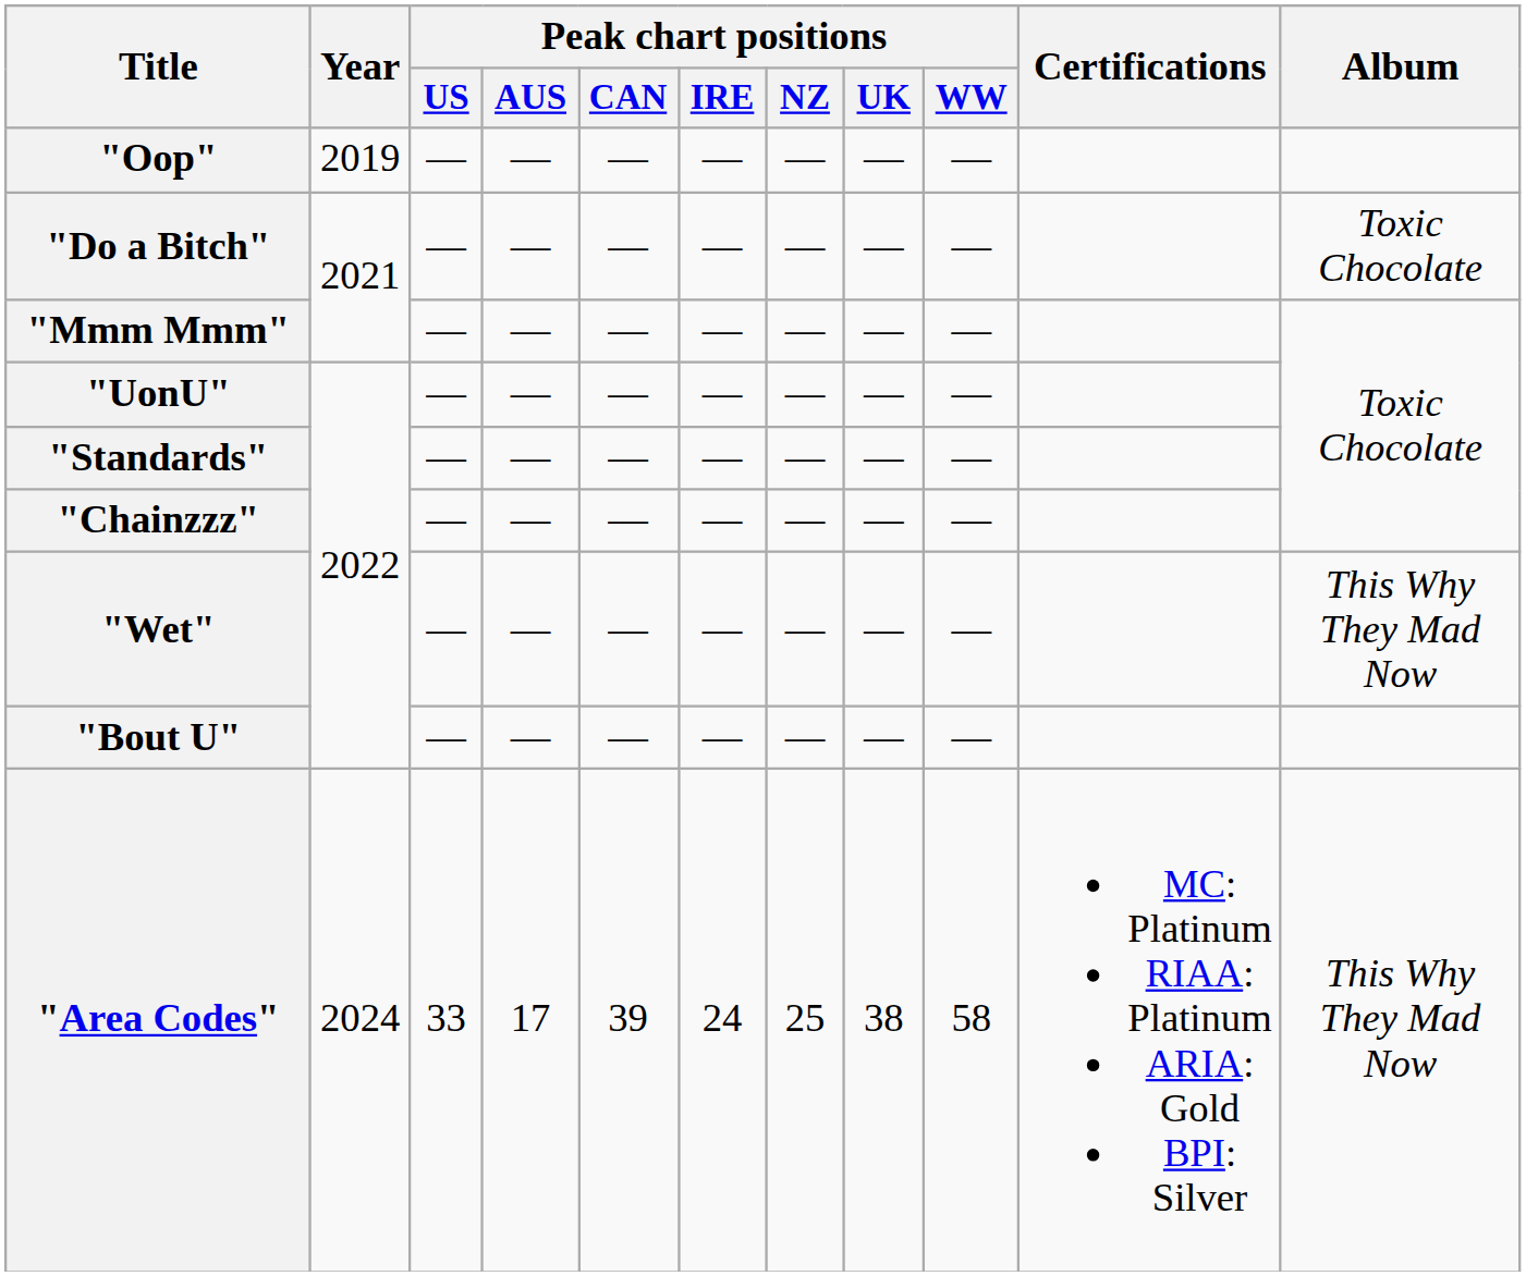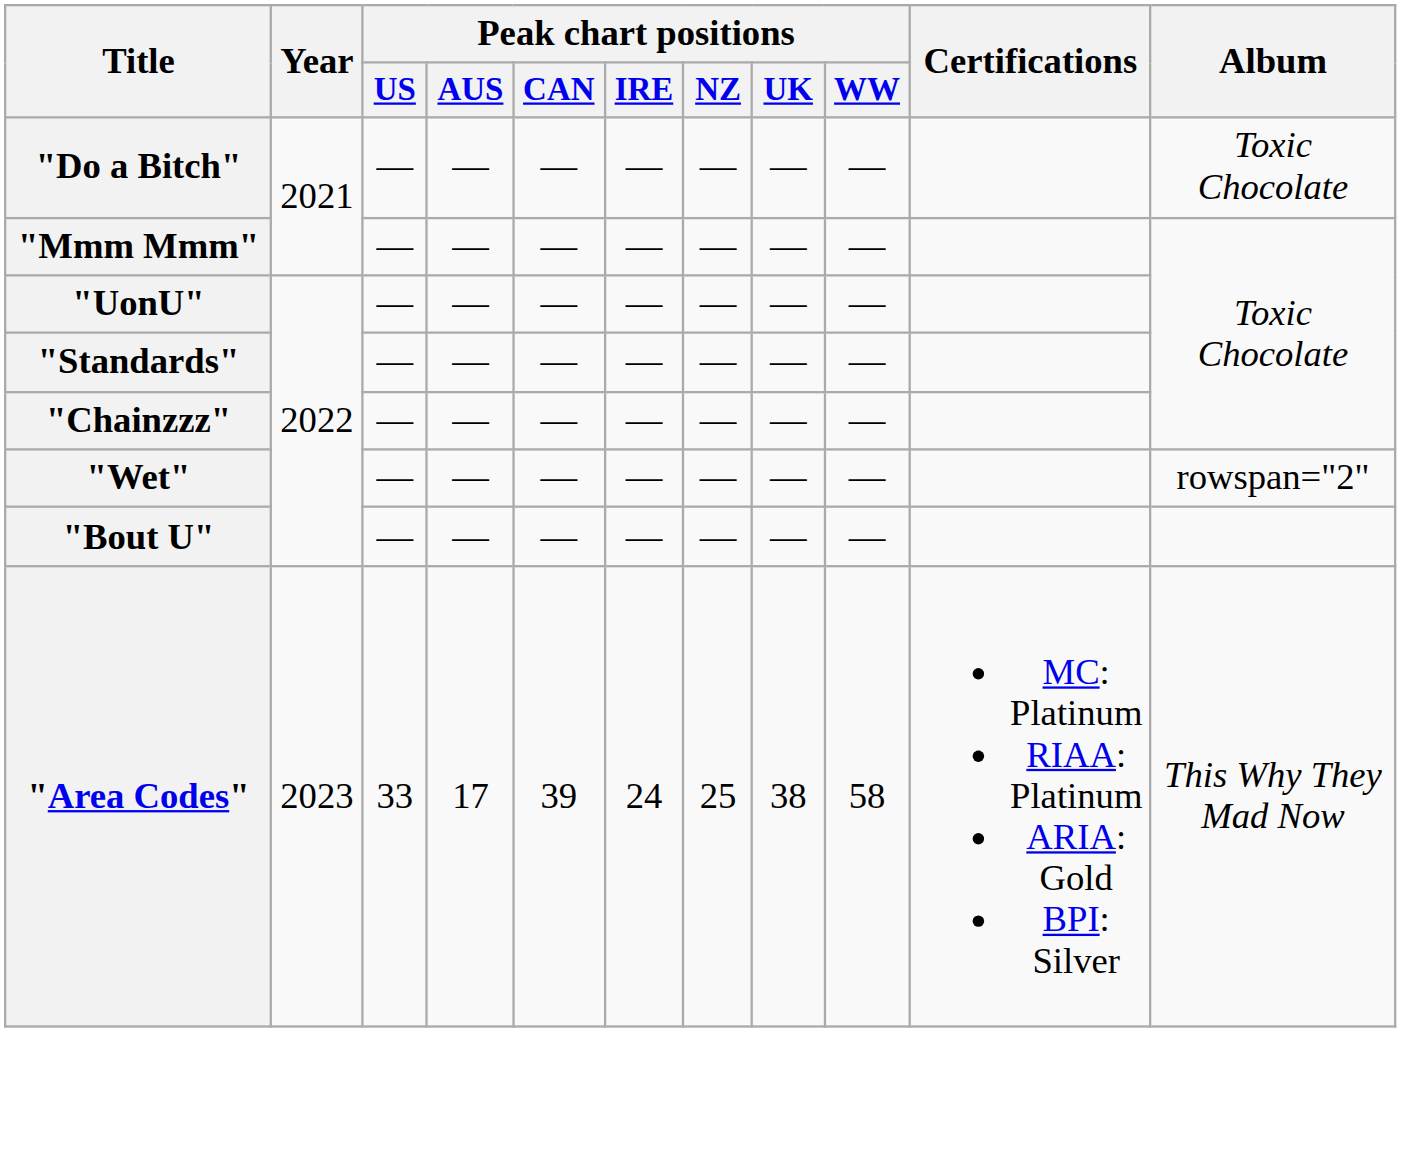 <table class="wikitable plainrowheaders" style="text-align:center;">
 <tr>
 <th rowspan="2" style="width:15em;">Title</th>
 <th rowspan="2">Year</th>
 <th colspan="7">Peak chart positions</th>
 <th rowspan="2">Certifications</th>
 <th rowspan="2" style="width:12em;">Album</th>
 </tr>
 <tr>
 <th scope="col" style="width:3em; font-size:90%"><a href='#'>US</a><br></th>
 <th scope="col" style="width:3em; font-size:90%"><a href='#'>AUS</a><br></th>
 <th scope="col" style="width:3em; font-size:90%"><a href='#'>CAN</a><br></th>
 <th scope="col" style="width:3em; font-size:90%"><a href='#'>IRE</a><br></th>
 <th scope="col" style="width:3em; font-size:90%"><a href='#'>NZ</a><br></th>
 <th scope="col" style="width:3em; font-size:90%"><a href='#'>UK</a><br></th>
 <th scope="col" style="width:3em; font-size:90%"><a href='#'>WW</a><br></th>
-</tr>
-<tr>
-<th scope="row">"Oop"</th>
-<td>2019</td>
-<td>—</td>
-<td>—</td>
-<td>—</td>
-<td>—</td>
-<td>—</td>
-<td>—</td>
-<td>—</td>
-<td></td>
-<td></td>
 </tr>
 <tr>
 <th scope="row">"Do a Bitch"</th>
 <td rowspan="2">2021</td>
 <td>—</td>
 <td>—</td>
 <td>—</td>
 <td>—</td>
 <td>—</td>
 <td>—</td>
 <td>—</td>
 <td></td>
 <td><em>Toxic Chocolate</em></td>
 </tr>
 <tr>
 <th scope="row">"Mmm Mmm"<br></th>
 <td>—</td>
 <td>—</td>
 <td>—</td>
 <td>—</td>
 <td>—</td>
 <td>—</td>
 <td>—</td>
 <td></td>
 <td rowspan="4"><em>Toxic Chocolate</em></td>
 </tr>
 <tr>
 <th scope="row">"UonU"<br></th>
 <td rowspan="5">2022</td>
 <td>—</td>
 <td>—</td>
 <td>—</td>
 <td>—</td>
 <td>—</td>
 <td>—</td>
 <td>—</td>
 <td></td>
 </tr>
 <tr>
 <th scope="row">"Standards"</th>
 <td>—</td>
 <td>—</td>
 <td>—</td>
 <td>—</td>
 <td>—</td>
 <td>—</td>
 <td>—</td>
 <td></td>
 </tr>
 <tr>
 <th scope="row">"Chainzzz"<br></th>
 <td>—</td>
 <td>—</td>
 <td>—</td>
 <td>—</td>
 <td>—</td>
 <td>—</td>
 <td>—</td>
 <td></td>
 </tr>
 <tr>
 <th scope="row">"Wet"</th>
 <td>—</td>
 <td>—</td>
 <td>—</td>
 <td>—</td>
 <td>—</td>
 <td>—</td>
 <td>—</td>
 <td></td>
-<td><em>This Why They Mad Now</em></td>
+<td>rowspan="2" </td>
 </tr>
 <tr>
 <th scope="row">"Bout U"</th>
 <td>—</td>
 <td>—</td>
 <td>—</td>
 <td>—</td>
 <td>—</td>
 <td>—</td>
 <td>—</td>
 <td></td>
 </tr>
 <tr>
 <th scope="row">"<a href='#'>Area Codes</a>"</th>
-<td>2024</td>
+<td>2023</td>
 <td>33</td>
 <td>17</td>
 <td>39</td>
 <td>24</td>
 <td>25</td>
 <td>38</td>
 <td>58</td>
 <td><br><ul><li><a href='#'>MC</a>: Platinum</li><li><a href='#'>RIAA</a>: Platinum</li><li><a href='#'>ARIA</a>: Gold</li><li><a href='#'>BPI</a>: Silver</li></ul></td>
 <td><em>This Why They Mad Now</em></td>
 </tr>
 </table>
